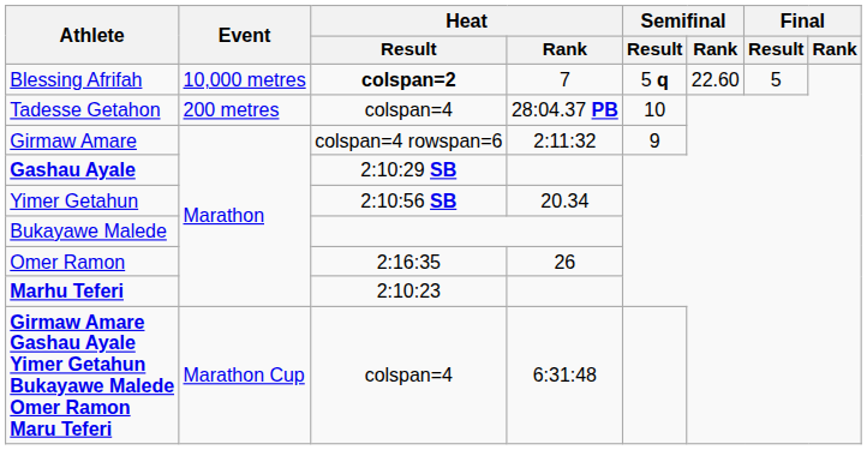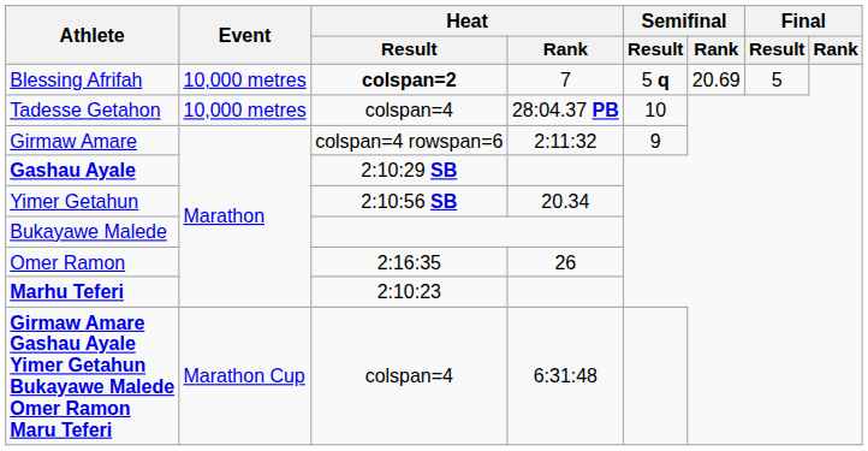 <table class="wikitable" style="font-size:90%; text-align:center;">
 <tr>
 <th rowspan=2>Athlete</th>
 <th rowspan=2>Event</th>
 <th colspan=2>Heat</th>
 <th colspan=2>Semifinal</th>
 <th colspan=2>Final</th>
 </tr>
 <tr style=font-size:95%>
 <th>Result</th>
 <th>Rank</th>
 <th>Result</th>
 <th>Rank</th>
 <th>Result</th>
 <th>Rank</th>
 </tr>
 <tr>
 <td align=left><a href='#'>Blessing Afrifah</a></td>
 <td align=left><a href='#'>10,000 metres</a></td>
 <td><strong>colspan=2 </strong></td>
 <td>7</td>
 <td>5 <strong>q</strong></td>
-<td>22.60</td>
+<td>20.69</td>
 <td>5</td>
 </tr>
 <tr>
 <td align=left><a href='#'>Tadesse Getahon</a></td>
-<td align=left><a href='#'>200 metres</a></td>
+<td align=left><a href='#'>10,000 metres</a></td>
 <td>colspan=4 </td>
 <td>28:04.37 <strong><a href='#'>PB</a></strong></td>
 <td>10</td>
 </tr>
 <tr>
 <td align=left><a href='#'>Girmaw Amare</a></td>
 <td align=left rowspan=6><a href='#'>Marathon</a></td>
 <td>colspan=4 rowspan=6 </td>
 <td>2:11:32</td>
 <td>9</td>
 </tr>
 <tr>
 <td align=left><strong><a href='#'>Gashau Ayale</a></strong></td>
 <td>2:10:29 <strong><a href='#'>SB</a></strong></td>
 <td></td>
 </tr>
 <tr>
 <td align=left><a href='#'>Yimer Getahun</a></td>
 <td>2:10:56 <strong><a href='#'>SB</a></strong></td>
 <td>20.34</td>
 </tr>
 <tr>
 <td align=left><a href='#'>Bukayawe Malede</a></td>
 <td colspan=2></td>
 </tr>
 <tr>
 <td align=left><a href='#'>Omer Ramon</a></td>
 <td>2:16:35</td>
 <td>26</td>
 </tr>
 <tr>
 <td align=left><strong><a href='#'>Marhu Teferi</a></strong></td>
 <td>2:10:23</td>
 <td></td>
 </tr>
 <tr>
 <td align=left><strong><a href='#'>Girmaw Amare</a><br><a href='#'>Gashau Ayale</a><br><a href='#'>Yimer Getahun</a><br><a href='#'>Bukayawe Malede</a><br><a href='#'>Omer Ramon</a><br><a href='#'>Maru Teferi</a></strong></td>
 <td align=left><a href='#'>Marathon Cup</a></td>
 <td>colspan=4 </td>
 <td>6:31:48</td>
 <td></td>
 </tr>
 </table>
